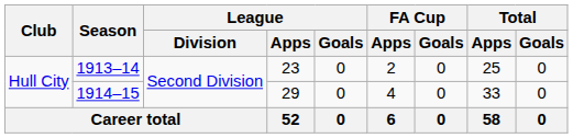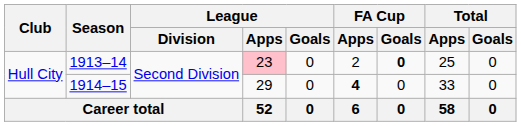 <table class="wikitable" style="text-align: center;">
 <tr>
 <th rowspan="2">Club</th>
 <th rowspan="2">Season</th>
 <th colspan="3">League</th>
 <th colspan="2">FA Cup</th>
 <th colspan="2">Total</th>
 </tr>
 <tr>
 <th>Division</th>
 <th>Apps</th>
 <th>Goals</th>
 <th>Apps</th>
 <th>Goals</th>
 <th>Apps</th>
 <th>Goals</th>
 </tr>
 <tr>
 <td rowspan="2"><a href='#'>Hull City</a></td>
 <td><a href='#'>1913–14</a></td>
 <td rowspan="2"><a href='#'>Second Division</a></td>
-<td>23</td>
+<td style="background: pink;">23</td>
 <td>0</td>
 <td>2</td>
-<td>0</td>
+<td><strong>0</strong></td>
 <td>25</td>
 <td>0</td>
 </tr>
 <tr>
 <td><a href='#'>1914–15</a></td>
 <td>29</td>
 <td>0</td>
-<td>4</td>
+<td><strong>4</strong></td>
 <td>0</td>
 <td>33</td>
 <td>0</td>
 </tr>
 <tr>
 <th colspan="3">Career total</th>
 <th>52</th>
 <th>0</th>
 <th>6</th>
 <th>0</th>
 <th>58</th>
 <th>0</th>
 </tr>
 </table>
